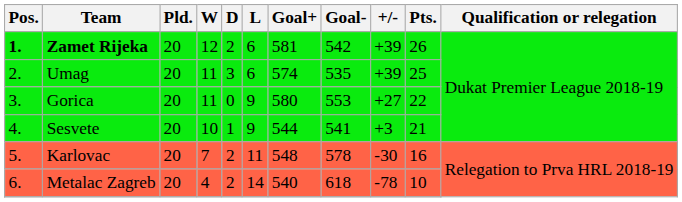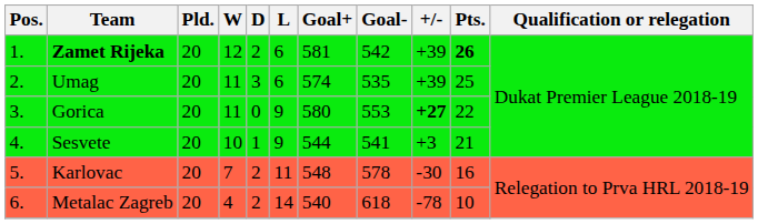 <table class="wikitable">
 <tr>
 <th>Pos.</th>
 <th>Team</th>
 <th>Pld.</th>
 <th>W</th>
 <th>D</th>
 <th>L</th>
 <th>Goal+</th>
 <th>Goal-</th>
 <th>+/-</th>
 <th>Pts.</th>
 <th>Qualification or relegation</th>
 </tr>
 <tr bgcolor="paleblue">
-<td><strong>1.</strong></td>
+<td>1.</td>
 <td><strong>Zamet Rijeka</strong></td>
 <td>20</td>
 <td>12</td>
 <td>2</td>
 <td>6</td>
 <td>581</td>
 <td>542</td>
 <td>+39</td>
-<td>26</td>
+<td><strong>26</strong></td>
 <td rowspan=4>Dukat Premier League 2018-19</td>
 </tr>
 <tr bgcolor="paleblue">
 <td>2.</td>
 <td>Umag</td>
 <td>20</td>
 <td>11</td>
 <td>3</td>
 <td>6</td>
 <td>574</td>
 <td>535</td>
 <td>+39</td>
 <td>25</td>
 </tr>
 <tr bgcolor="paleblue">
 <td>3.</td>
 <td>Gorica</td>
 <td>20</td>
 <td>11</td>
 <td>0</td>
 <td>9</td>
 <td>580</td>
 <td>553</td>
-<td>+27</td>
+<td><strong>+27</strong></td>
 <td>22</td>
 </tr>
 <tr bgcolor="paleblue">
 <td>4.</td>
 <td>Sesvete</td>
 <td>20</td>
 <td>10</td>
 <td>1</td>
 <td>9</td>
 <td>544</td>
 <td>541</td>
 <td>+3</td>
 <td>21</td>
 </tr>
 <tr bgcolor="tomato">
 <td>5.</td>
 <td>Karlovac</td>
 <td>20</td>
 <td>7</td>
 <td>2</td>
 <td>11</td>
 <td>548</td>
 <td>578</td>
 <td>-30</td>
 <td>16</td>
 <td rowspan=6>Relegation to Prva HRL 2018-19</td>
 </tr>
 <tr bgcolor="tomato">
 <td>6.</td>
 <td>Metalac Zagreb</td>
 <td>20</td>
 <td>4</td>
 <td>2</td>
 <td>14</td>
 <td>540</td>
 <td>618</td>
 <td>-78</td>
 <td>10</td>
 </tr>
 <tr bgcolor="tomato">
 </tr>
 <tr>
 </tr>
 </table>
